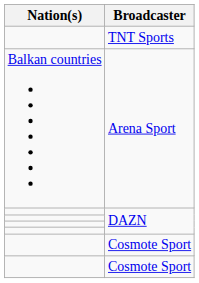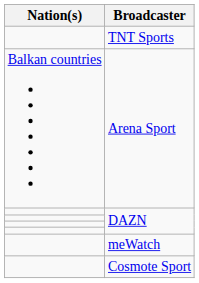 <table class="wikitable">
 <tr>
 <th>Nation(s)</th>
 <th>Broadcaster</th>
 </tr>
 <tr>
 <td></td>
 <td><a href='#'>TNT Sports</a></td>
 </tr>
 <tr>
 <td><a href='#'>Balkan countries</a><br><ul><li></li><li></li><li></li><li></li><li></li><li></li><li></li></ul></td>
 <td><a href='#'>Arena Sport</a></td>
 </tr>
 <tr>
 <td></td>
 <td rowspan="4"><a href='#'>DAZN</a></td>
 </tr>
 <tr>
 <td></td>
 </tr>
 <tr>
 <td></td>
 </tr>
 <tr>
 <td></td>
 </tr>
 <tr>
 <td></td>
-<td><a href='#'>Cosmote Sport</a></td>
+<td><a href='#'>meWatch</a></td>
 </tr>
 <tr>
 <td></td>
 <td><a href='#'>Cosmote Sport</a></td>
 </tr>
 </table>
